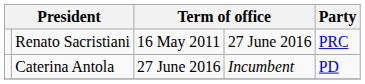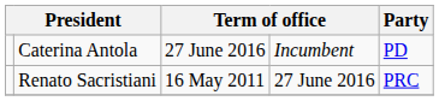 <table class="wikitable">
 <tr>
 <th colspan="2">President</th>
 <th colspan="2">Term of office</th>
 <th>Party</th>
+</tr>
+<tr>
+<td style="background-color: "></td>
+<td>Caterina Antola</td>
+<td>27 June 2016</td>
+<td><em>Incumbent</em></td>
+<td><a href='#'>PD</a></td>
 </tr>
 <tr>
 <td style="background-color: "></td>
 <td>Renato Sacristiani</td>
 <td>16 May 2011</td>
 <td>27 June 2016</td>
 <td><a href='#'>PRC</a></td>
 </tr>
 <tr>
-<td style="background-color: "></td>
-<td>Caterina Antola</td>
-<td>27 June 2016</td>
-<td><em>Incumbent</em></td>
-<td><a href='#'>PD</a></td>
-</tr>
-<tr>
 </tr>
 </table>
